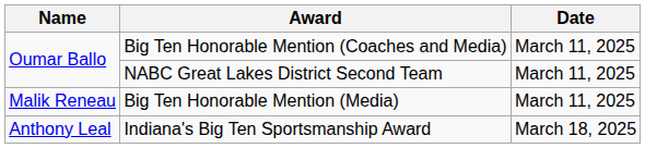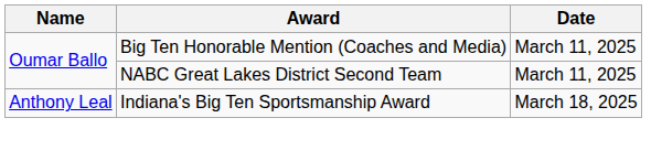 <table class=wikitable "border="1">
 <tr align=center>
 <th>Name</th>
 <th>Award</th>
 <th>Date</th>
 </tr>
 <tr>
 <td rowspan=2><a href='#'>Oumar Ballo</a></td>
 <td>Big Ten Honorable Mention (Coaches and Media)</td>
 <td>March 11, 2025</td>
 </tr>
 <tr>
 <td>NABC Great Lakes District Second Team</td>
 <td>March 11, 2025</td>
 </tr>
 <tr>
-<td rowspan=1><a href='#'>Malik Reneau</a></td>
-<td>Big Ten Honorable Mention (Media)</td>
-<td>March 11, 2025</td>
-</tr>
-<tr>
 <td rowspan=1><a href='#'>Anthony Leal</a></td>
 <td>Indiana's Big Ten Sportsmanship Award</td>
 <td>March 18, 2025</td>
 </tr>
 </table>
